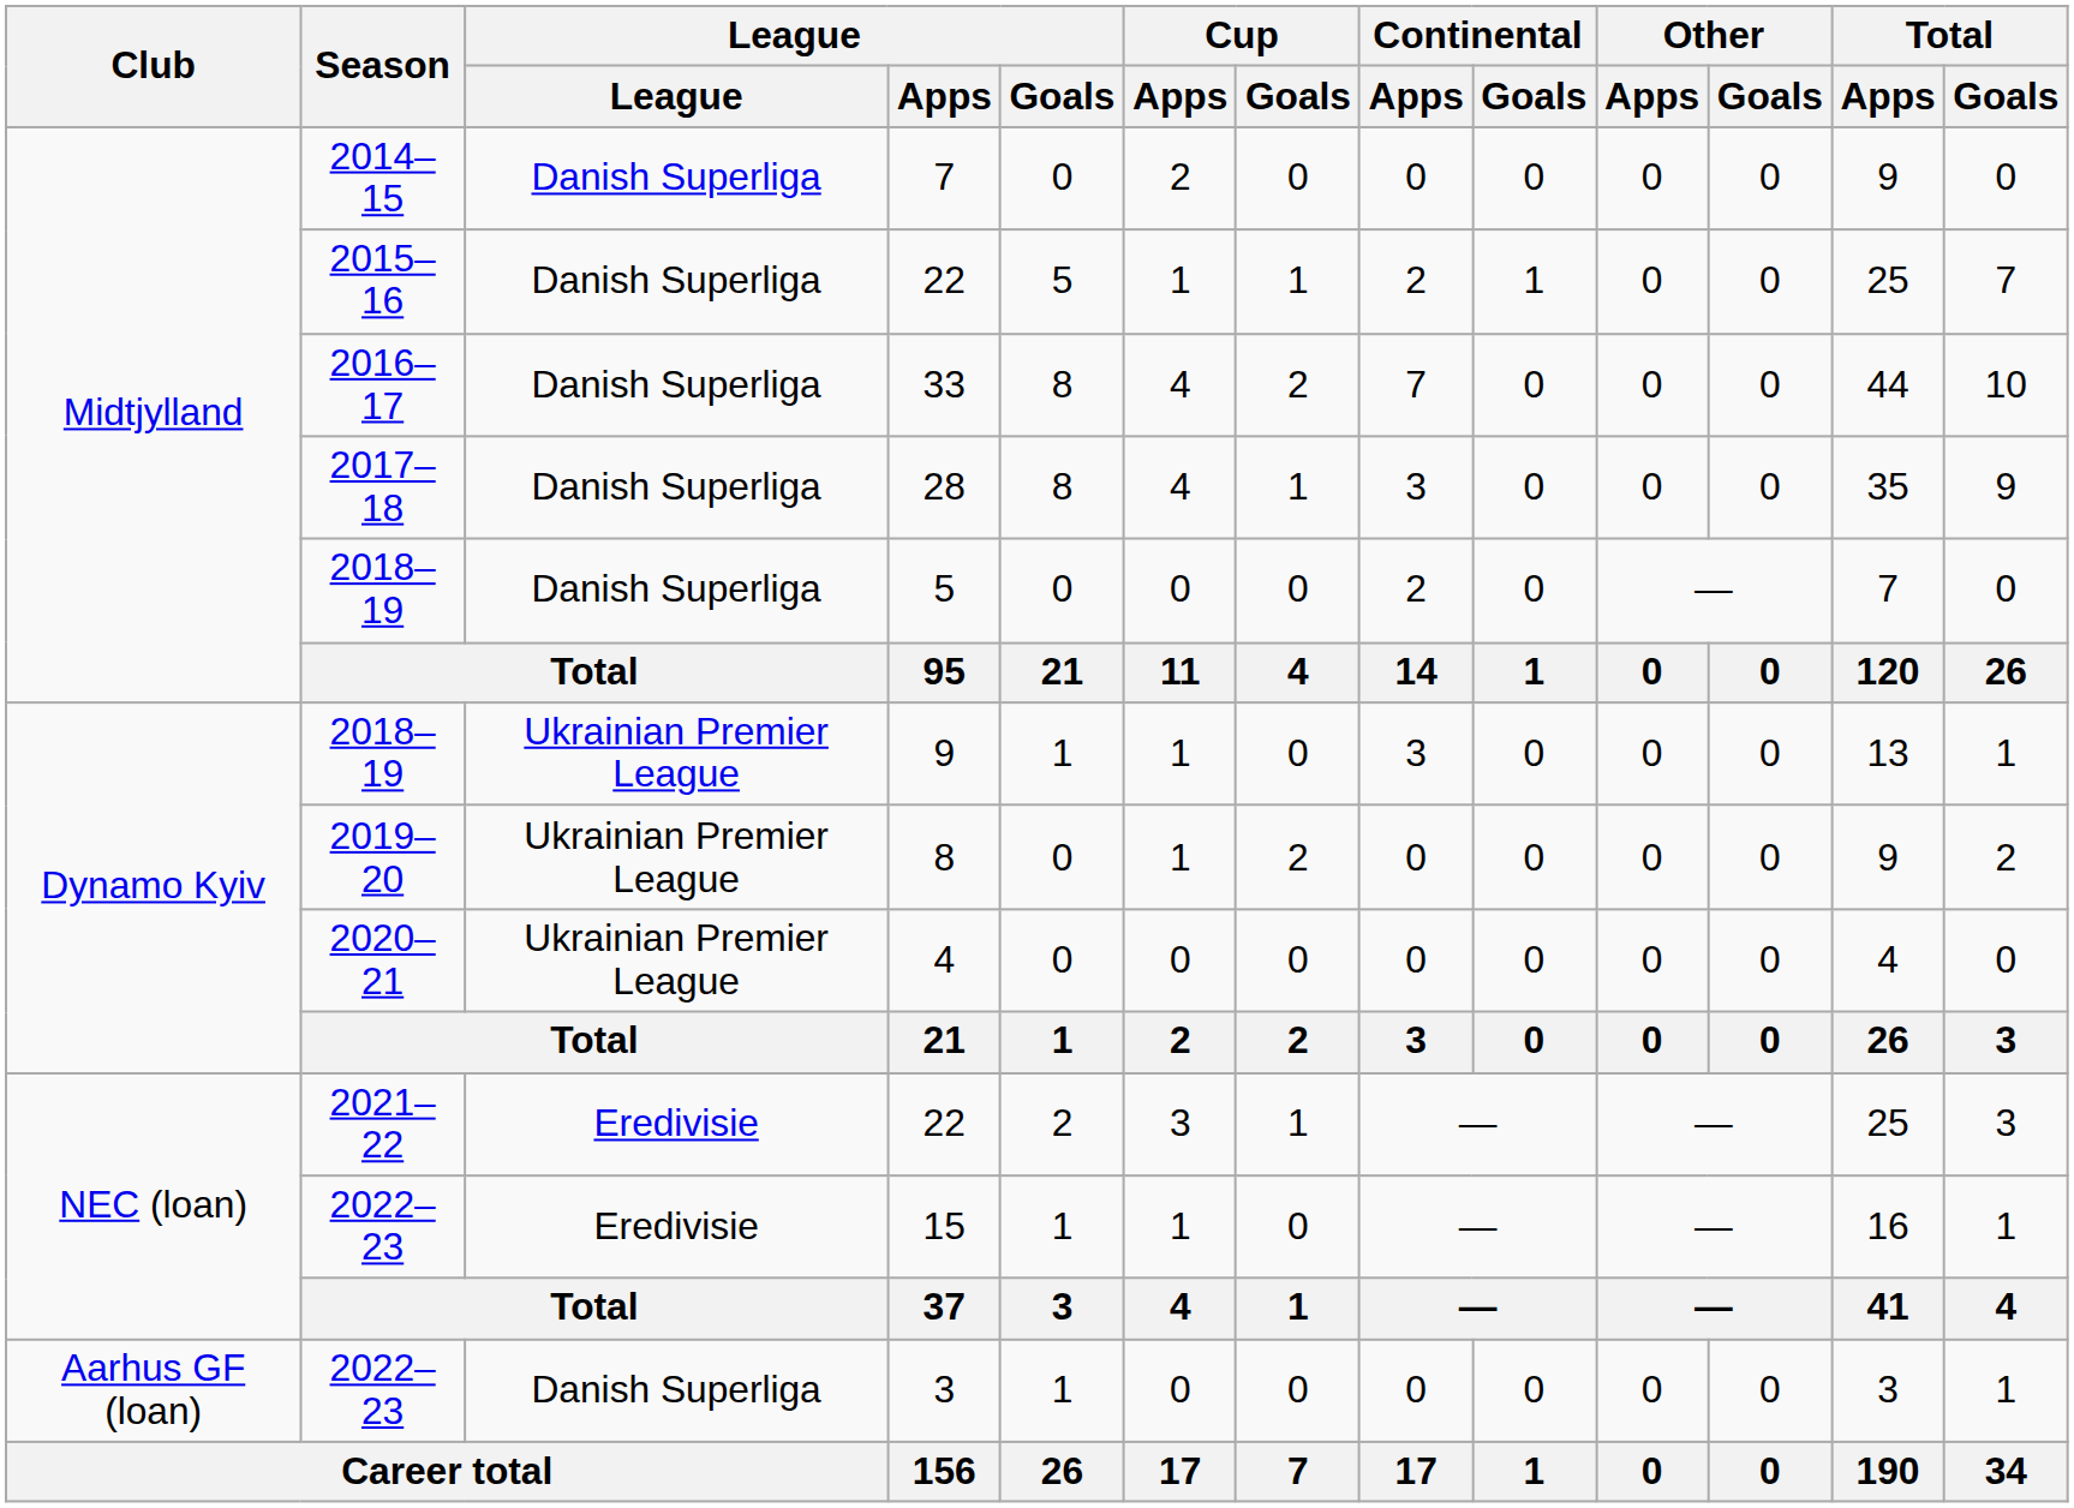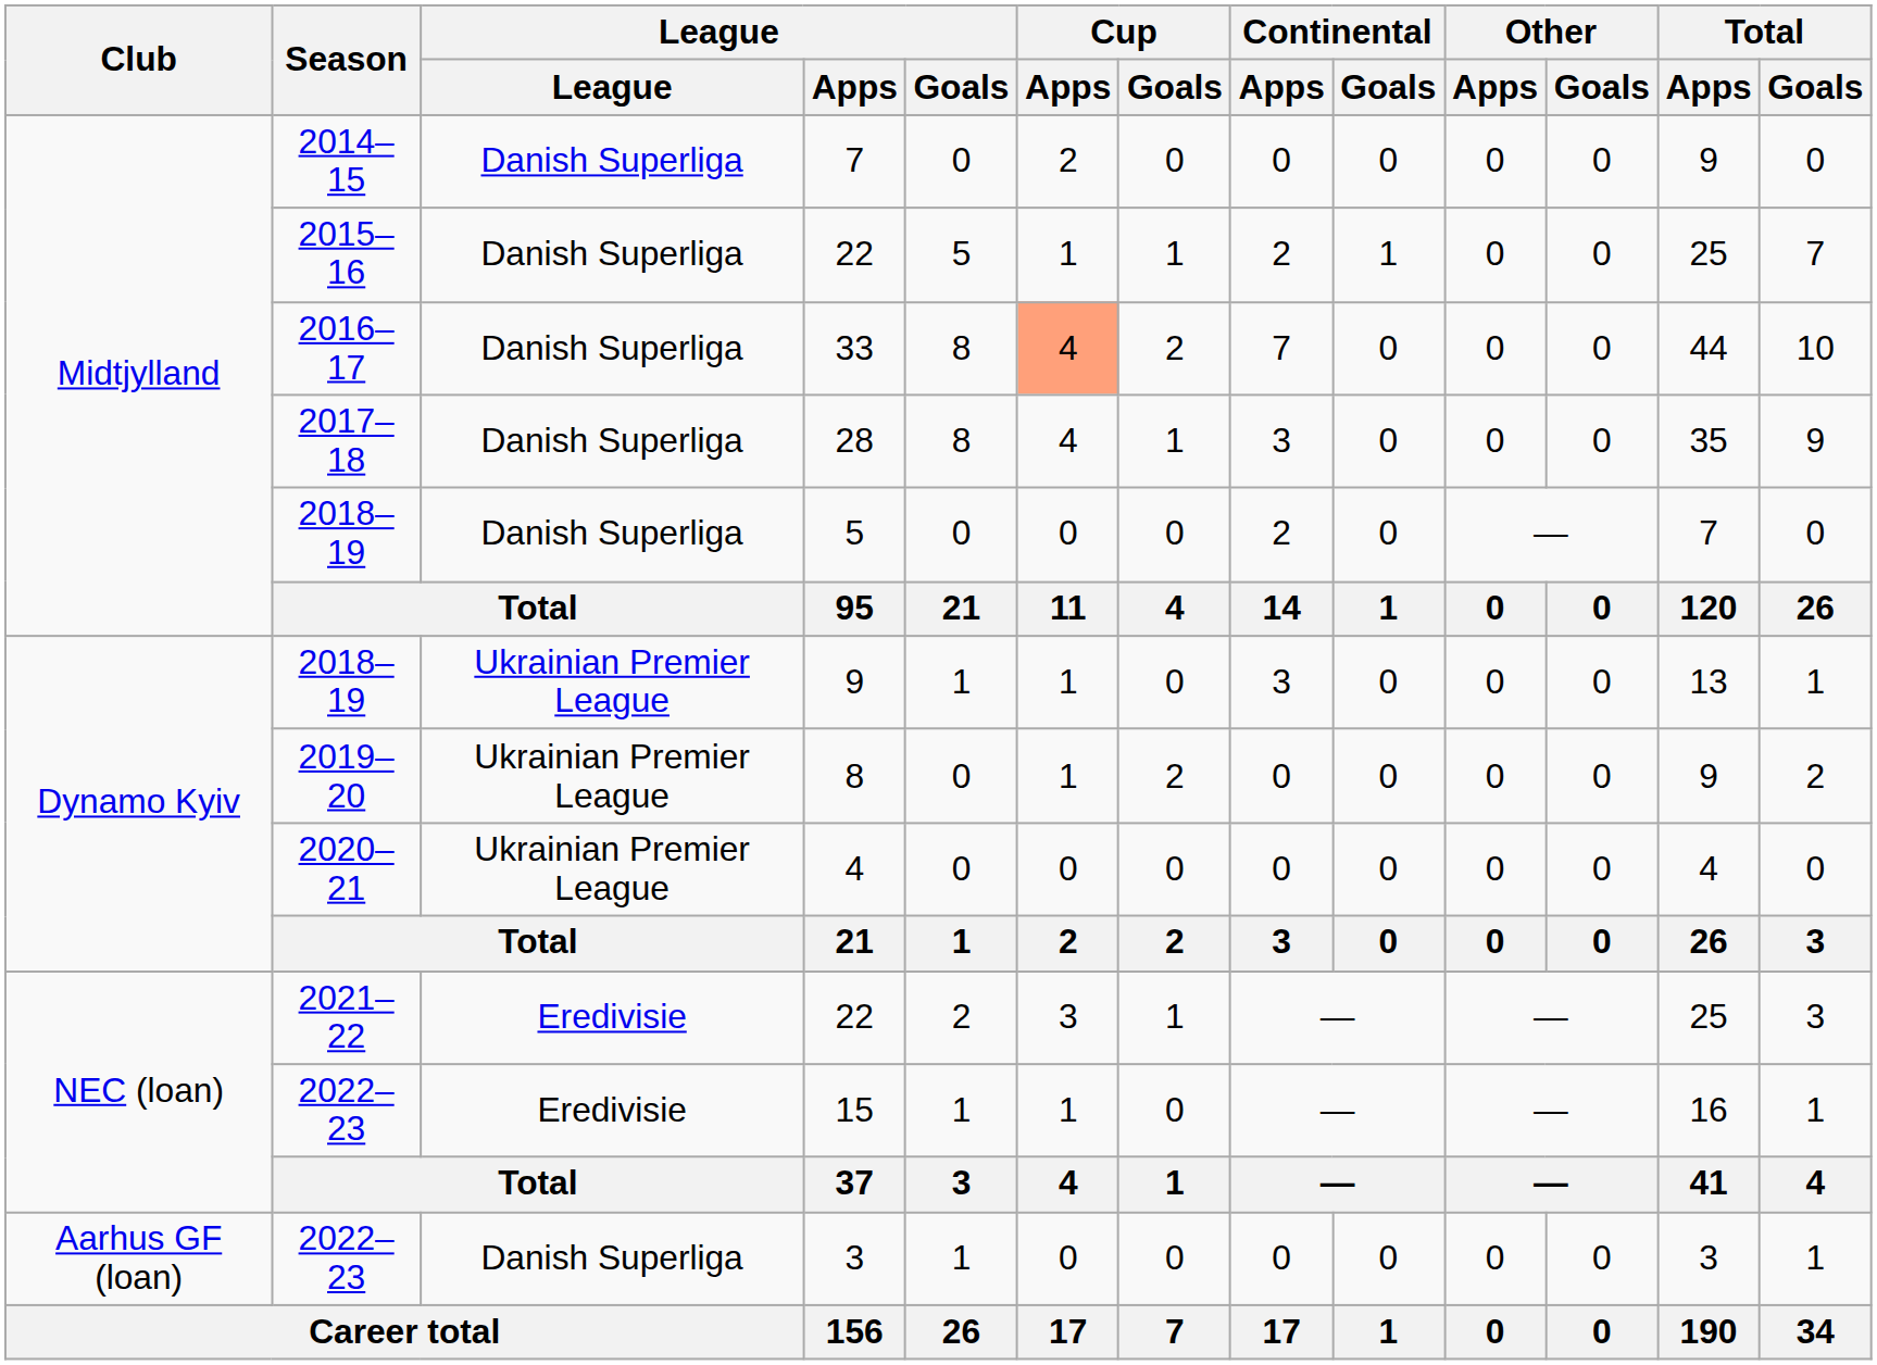 <table class="wikitable" style="text-align:center">
 <tr>
 <th rowspan="2">Club</th>
 <th rowspan="2">Season</th>
 <th colspan="3">League</th>
 <th colspan="2">Cup</th>
 <th colspan="2">Continental</th>
 <th colspan="2">Other</th>
 <th colspan="2">Total</th>
 </tr>
 <tr>
 <th>League</th>
 <th>Apps</th>
 <th>Goals</th>
 <th>Apps</th>
 <th>Goals</th>
 <th>Apps</th>
 <th>Goals</th>
 <th>Apps</th>
 <th>Goals</th>
 <th>Apps</th>
 <th>Goals</th>
 </tr>
 <tr>
 <td rowspan="6"><a href='#'>Midtjylland</a></td>
 <td><a href='#'>2014–15</a></td>
 <td><a href='#'>Danish Superliga</a></td>
 <td>7</td>
 <td>0</td>
 <td>2</td>
 <td>0</td>
 <td>0</td>
 <td>0</td>
 <td>0</td>
 <td>0</td>
 <td>9</td>
 <td>0</td>
 </tr>
 <tr>
 <td><a href='#'>2015–16</a></td>
 <td>Danish Superliga</td>
 <td>22</td>
 <td>5</td>
 <td>1</td>
 <td>1</td>
 <td>2</td>
 <td>1</td>
 <td>0</td>
 <td>0</td>
 <td>25</td>
 <td>7</td>
 </tr>
 <tr>
 <td><a href='#'>2016–17</a></td>
 <td>Danish Superliga</td>
 <td>33</td>
 <td>8</td>
-<td>4</td>
+<td style="background: lightsalmon;">4</td>
 <td>2</td>
 <td>7</td>
 <td>0</td>
 <td>0</td>
 <td>0</td>
 <td>44</td>
 <td>10</td>
 </tr>
 <tr>
 <td><a href='#'>2017–18</a></td>
 <td>Danish Superliga</td>
 <td>28</td>
 <td>8</td>
 <td>4</td>
 <td>1</td>
 <td>3</td>
 <td>0</td>
 <td>0</td>
 <td>0</td>
 <td>35</td>
 <td>9</td>
 </tr>
 <tr>
 <td><a href='#'>2018–19</a></td>
 <td>Danish Superliga</td>
 <td>5</td>
 <td>0</td>
 <td>0</td>
 <td>0</td>
 <td>2</td>
 <td>0</td>
 <td colspan="2">—</td>
 <td>7</td>
 <td>0</td>
 </tr>
 <tr>
 <th colspan="2">Total</th>
 <th>95</th>
 <th>21</th>
 <th>11</th>
 <th>4</th>
 <th>14</th>
 <th>1</th>
 <th>0</th>
 <th>0</th>
 <th>120</th>
 <th>26</th>
 </tr>
 <tr>
 <td rowspan="4"><a href='#'>Dynamo Kyiv</a></td>
 <td><a href='#'>2018–19</a></td>
 <td><a href='#'>Ukrainian Premier League</a></td>
 <td>9</td>
 <td>1</td>
 <td>1</td>
 <td>0</td>
 <td>3</td>
 <td>0</td>
 <td>0</td>
 <td>0</td>
 <td>13</td>
 <td>1</td>
 </tr>
 <tr>
 <td><a href='#'>2019–20</a></td>
 <td>Ukrainian Premier League</td>
 <td>8</td>
 <td>0</td>
 <td>1</td>
 <td>2</td>
 <td>0</td>
 <td>0</td>
 <td>0</td>
 <td>0</td>
 <td>9</td>
 <td>2</td>
 </tr>
 <tr>
 <td><a href='#'>2020–21</a></td>
 <td>Ukrainian Premier League</td>
 <td>4</td>
 <td>0</td>
 <td>0</td>
 <td>0</td>
 <td>0</td>
 <td>0</td>
 <td>0</td>
 <td>0</td>
 <td>4</td>
 <td>0</td>
 </tr>
 <tr>
 <th colspan="2">Total</th>
 <th>21</th>
 <th>1</th>
 <th>2</th>
 <th>2</th>
 <th>3</th>
 <th>0</th>
 <th>0</th>
 <th>0</th>
 <th>26</th>
 <th>3</th>
 </tr>
 <tr>
 <td rowspan="3"><a href='#'>NEC</a> (loan)</td>
 <td><a href='#'>2021–22</a></td>
 <td><a href='#'>Eredivisie</a></td>
 <td>22</td>
 <td>2</td>
 <td>3</td>
 <td>1</td>
 <td colspan="2">—</td>
 <td colspan="2">—</td>
 <td>25</td>
 <td>3</td>
 </tr>
 <tr>
 <td><a href='#'>2022–23</a></td>
 <td>Eredivisie</td>
 <td>15</td>
 <td>1</td>
 <td>1</td>
 <td>0</td>
 <td colspan="2">—</td>
 <td colspan="2">—</td>
 <td>16</td>
 <td>1</td>
 </tr>
 <tr>
 <th colspan="2">Total</th>
 <th>37</th>
 <th>3</th>
 <th>4</th>
 <th>1</th>
 <th colspan="2">—</th>
 <th colspan="2">—</th>
 <th>41</th>
 <th>4</th>
 </tr>
 <tr>
 <td><a href='#'>Aarhus GF</a> (loan)</td>
 <td><a href='#'>2022–23</a></td>
 <td>Danish Superliga</td>
 <td>3</td>
 <td>1</td>
 <td>0</td>
 <td>0</td>
 <td>0</td>
 <td>0</td>
 <td>0</td>
 <td>0</td>
 <td>3</td>
 <td>1</td>
 </tr>
 <tr>
 <th colspan="3">Career total</th>
 <th>156</th>
 <th>26</th>
 <th>17</th>
 <th>7</th>
 <th>17</th>
 <th>1</th>
 <th>0</th>
 <th>0</th>
 <th>190</th>
 <th>34</th>
 </tr>
 </table>
